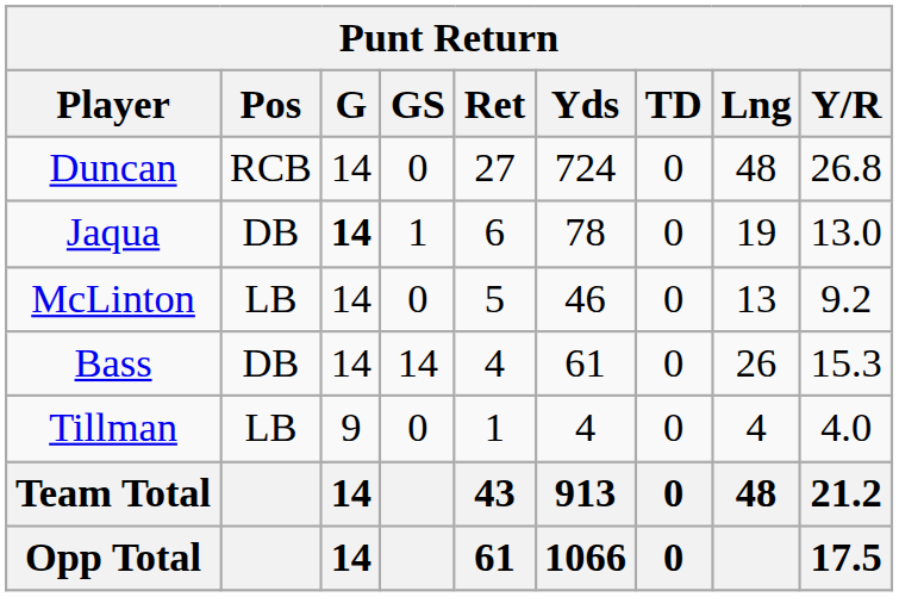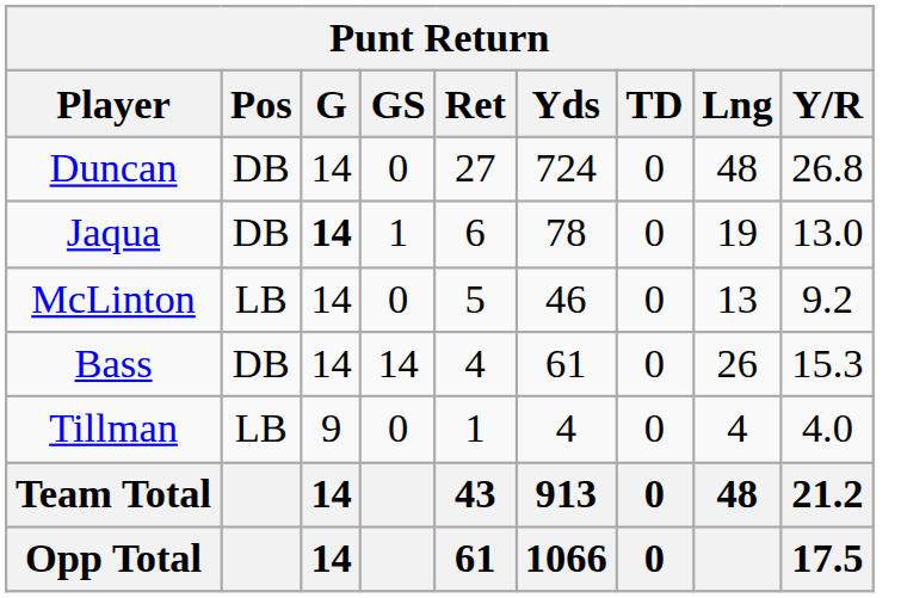 <table class="wikitable" style="text-align:center">
 <tr>
 <th colspan="9">Punt Return</th>
 </tr>
 <tr>
 <th>Player</th>
 <th>Pos</th>
 <th>G</th>
 <th>GS</th>
 <th>Ret</th>
 <th>Yds</th>
 <th>TD</th>
 <th>Lng</th>
 <th>Y/R</th>
 </tr>
 <tr>
 <td><a href='#'>Duncan</a></td>
-<td>RCB</td>
+<td>DB</td>
 <td>14</td>
 <td>0</td>
 <td>27</td>
 <td>724</td>
 <td>0</td>
 <td>48</td>
 <td>26.8</td>
 </tr>
 <tr>
 <td><a href='#'>Jaqua</a></td>
 <td>DB</td>
 <td><strong>14</strong></td>
 <td>1</td>
 <td>6</td>
 <td>78</td>
 <td>0</td>
 <td>19</td>
 <td>13.0</td>
 </tr>
 <tr>
 <td><a href='#'>McLinton</a></td>
 <td>LB</td>
 <td>14</td>
 <td>0</td>
 <td>5</td>
 <td>46</td>
 <td>0</td>
 <td>13</td>
 <td>9.2</td>
 </tr>
 <tr>
 <td><a href='#'>Bass</a></td>
 <td>DB</td>
 <td>14</td>
 <td>14</td>
 <td>4</td>
 <td>61</td>
 <td>0</td>
 <td>26</td>
 <td>15.3</td>
 </tr>
 <tr>
 <td><a href='#'>Tillman</a></td>
 <td>LB</td>
 <td>9</td>
 <td>0</td>
 <td>1</td>
 <td>4</td>
 <td>0</td>
 <td>4</td>
 <td>4.0</td>
 </tr>
 <tr>
 <th>Team Total</th>
 <th></th>
 <th>14</th>
 <th></th>
 <th>43</th>
 <th>913</th>
 <th>0</th>
 <th>48</th>
 <th>21.2</th>
 </tr>
 <tr>
 <th>Opp Total</th>
 <th></th>
 <th>14</th>
 <th></th>
 <th>61</th>
 <th>1066</th>
 <th>0</th>
 <th></th>
 <th>17.5</th>
 </tr>
 </table>
